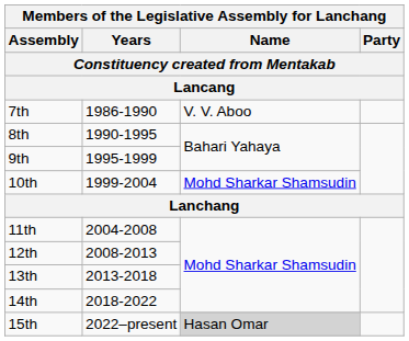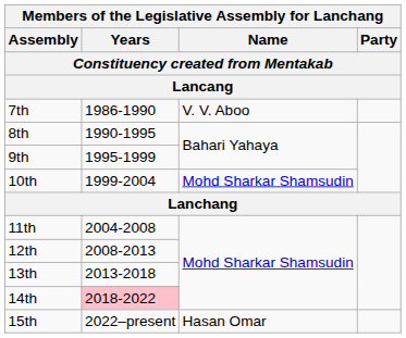 <table class="wikitable">
 <tr>
 <th colspan="4">Members of the Legislative Assembly for Lanchang</th>
 </tr>
 <tr>
 <th>Assembly</th>
 <th>Years</th>
 <th>Name</th>
 <th>Party</th>
 </tr>
 <tr>
 <th colspan="4"><em>Constituency created from Mentakab</em></th>
 </tr>
 <tr>
 <th colspan=4 align=center>Lancang</th>
 </tr>
 <tr>
 <td>7th</td>
 <td>1986-1990</td>
 <td>V. V. Aboo</td>
 <td></td>
 </tr>
 <tr>
 <td>8th</td>
 <td>1990-1995</td>
 <td rowspan="2">Bahari Yahaya</td>
 <td rowspan="3"></td>
 </tr>
 <tr>
 <td>9th</td>
 <td>1995-1999</td>
 </tr>
 <tr>
 <td>10th</td>
 <td>1999-2004</td>
 <td><a href='#'>Mohd Sharkar Shamsudin</a></td>
 </tr>
 <tr>
 <th colspan=4 align=center>Lanchang</th>
 </tr>
 <tr>
 <td>11th</td>
 <td>2004-2008</td>
 <td rowspan="4"><a href='#'>Mohd Sharkar Shamsudin</a></td>
 <td rowspan="4"></td>
 </tr>
 <tr>
 <td>12th</td>
 <td>2008-2013</td>
 </tr>
 <tr>
 <td>13th</td>
 <td>2013-2018</td>
 </tr>
 <tr>
 <td>14th</td>
-<td>2018-2022</td>
+<td style="background: pink;">2018-2022</td>
 </tr>
 <tr>
 <td>15th</td>
 <td>2022–present</td>
-<td style="background: lightgrey;">Hasan Omar</td>
+<td>Hasan Omar</td>
 <td></td>
 </tr>
 </table>
